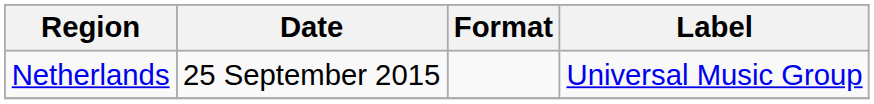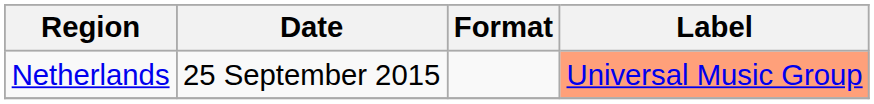 <table class=wikitable>
 <tr>
 <th>Region</th>
 <th>Date</th>
 <th>Format</th>
 <th>Label</th>
 </tr>
 <tr>
 <td><a href='#'>Netherlands</a></td>
 <td>25 September 2015</td>
 <td></td>
-<td><a href='#'>Universal Music Group</a></td>
+<td style="background: lightsalmon;"><a href='#'>Universal Music Group</a></td>
 </tr>
 <tr>
 </tr>
 </table>
